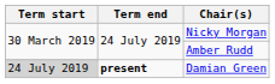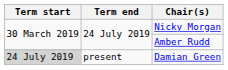 <table class="wikitable">
 <tr>
 <th>Term start</th>
 <th>Term end</th>
 <th>Chair(s)</th>
 </tr>
 <tr>
 <td rowspan="2">30 March 2019</td>
 <td rowspan="2">24 July 2019</td>
 <td><a href='#'>Nicky Morgan</a></td>
 </tr>
 <tr>
 <td><a href='#'>Amber Rudd</a></td>
 </tr>
 <tr>
 <td style="background: lightgrey;">24 July 2019</td>
-<td><strong>present</strong></td>
+<td>present</td>
 <td><a href='#'>Damian Green</a> </td>
 </tr>
 </table>
